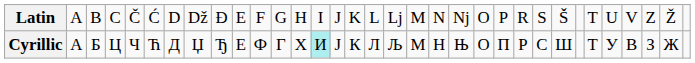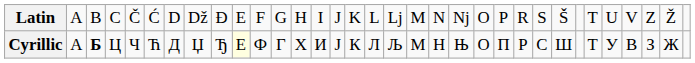 <table class="wikitable" style="text-align: center;">
 <tr>
 <th>Latin</th>
 <td>A</td>
 <td>B</td>
 <td>C</td>
 <td>Č</td>
 <td>Ć</td>
 <td>D</td>
 <td>Dž</td>
 <td>Đ</td>
 <td>E</td>
 <td>F</td>
 <td>G</td>
 <td>H</td>
 <td>I</td>
 <td>J</td>
 <td>K</td>
 <td>L</td>
 <td>Lj</td>
 <td>M</td>
 <td>N</td>
 <td>Nj</td>
 <td>O</td>
 <td>P</td>
 <td>R</td>
 <td>S</td>
 <td>Š</td>
 <td></td>
 <td>T</td>
 <td>U</td>
 <td>V</td>
 <td>Z</td>
 <td>Ž</td>
 <td></td>
 </tr>
 <tr>
 <th>Cyrillic</th>
 <td>А</td>
-<td>Б</td>
+<td><strong>Б</strong></td>
 <td>Ц</td>
 <td>Ч</td>
 <td>Ћ</td>
 <td>Д</td>
 <td>Џ</td>
 <td>Ђ</td>
-<td>Е</td>
+<td style="background: lightyellow;">Е</td>
 <td>Ф</td>
 <td>Г</td>
 <td>Х</td>
-<td style="background: paleturquoise;">И</td>
+<td>И</td>
 <td>Ј</td>
 <td>К</td>
 <td>Л</td>
 <td>Љ</td>
 <td>М</td>
 <td>Н</td>
 <td>Њ</td>
 <td>О</td>
 <td>П</td>
 <td>Р</td>
 <td>С</td>
 <td>Ш</td>
 <td></td>
 <td>Т</td>
 <td>У</td>
 <td>В</td>
 <td>З</td>
 <td>Ж</td>
 <td></td>
 </tr>
 </table>
